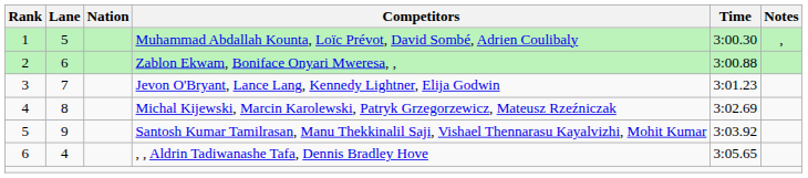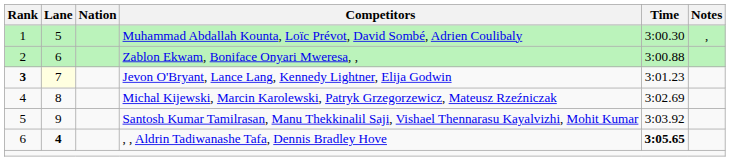 <table class="wikitable sortable" style="text-align:center">
 <tr>
 <th>Rank</th>
 <th>Lane</th>
 <th>Nation</th>
 <th>Competitors</th>
 <th>Time</th>
 <th>Notes</th>
 </tr>
 <tr bgcolor="#bbf3bb">
 <td>1</td>
 <td>5</td>
 <td align="left"></td>
 <td align="left"><a href='#'>Muhammad Abdallah Kounta</a>, <a href='#'>Loïc Prévot</a>, <a href='#'>David Sombé</a>, <a href='#'>Adrien Coulibaly</a></td>
 <td>3:00.30</td>
 <td>, </td>
 </tr>
 <tr bgcolor="#bbf3bb">
 <td>2</td>
 <td>6</td>
 <td align="left"></td>
 <td align="left"><a href='#'>Zablon Ekwam</a>, <a href='#'>Boniface Onyari Mweresa</a>, , </td>
 <td>3:00.88</td>
 <td></td>
 </tr>
 <tr>
-<td>3</td>
-<td>7</td>
+<td><strong>3</strong></td>
+<td style="background: lightyellow;">7</td>
 <td align="left"></td>
 <td align="left"><a href='#'>Jevon O'Bryant</a>, <a href='#'>Lance Lang</a>, <a href='#'>Kennedy Lightner</a>, <a href='#'>Elija Godwin</a></td>
 <td>3:01.23</td>
 <td></td>
 </tr>
 <tr>
 <td>4</td>
 <td>8</td>
 <td align="left"></td>
 <td align="left"><a href='#'>Michal Kijewski</a>, <a href='#'>Marcin Karolewski</a>, <a href='#'>Patryk Grzegorzewicz</a>, <a href='#'>Mateusz Rzeźniczak</a></td>
 <td>3:02.69</td>
 <td></td>
 </tr>
 <tr>
 <td>5</td>
 <td>9</td>
 <td align="left"></td>
 <td align="left"><a href='#'>Santosh Kumar Tamilrasan</a>, <a href='#'>Manu Thekkinalil Saji</a>, <a href='#'>Vishael Thennarasu Kayalvizhi</a>, <a href='#'>Mohit Kumar</a></td>
 <td>3:03.92</td>
 <td></td>
 </tr>
 <tr>
 <td>6</td>
-<td>4</td>
+<td><strong>4</strong></td>
 <td align="left"></td>
 <td align="left">, , <a href='#'>Aldrin Tadiwanashe Tafa</a>, <a href='#'>Dennis Bradley Hove</a></td>
-<td>3:05.65</td>
+<td><strong>3:05.65</strong></td>
 <td></td>
 </tr>
 <tr class="sortbottom">
 <td colspan="6"></td>
 </tr>
 </table>
